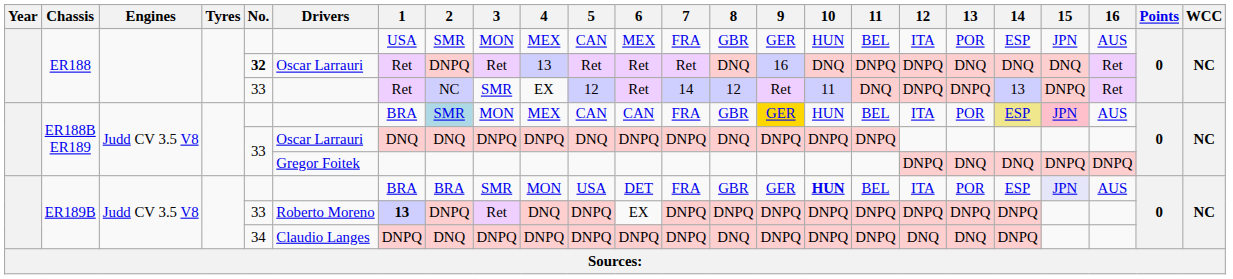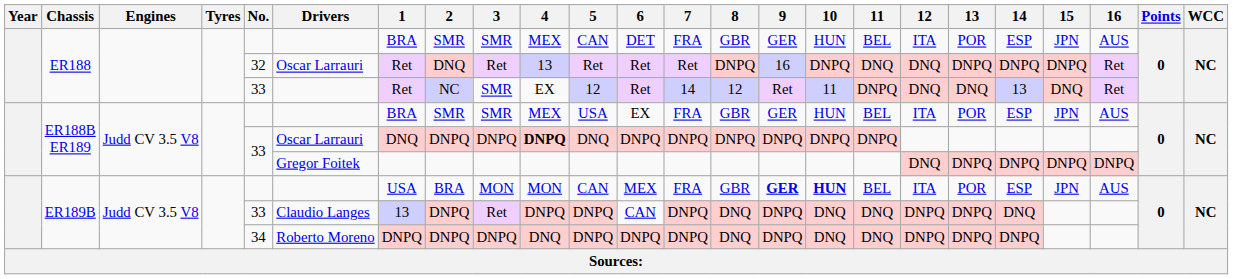 <table class="wikitable" style="text-align:center; font-size:85%">
 <tr>
 <th>Year</th>
 <th>Chassis</th>
 <th>Engines</th>
 <th>Tyres</th>
 <th>No.</th>
 <th>Drivers</th>
 <th>1</th>
 <th>2</th>
 <th>3</th>
 <th>4</th>
 <th>5</th>
 <th>6</th>
 <th>7</th>
 <th>8</th>
 <th>9</th>
 <th>10</th>
 <th>11</th>
 <th>12</th>
 <th>13</th>
 <th>14</th>
 <th>15</th>
 <th>16</th>
 <th><a href='#'>Points</a></th>
 <th>WCC</th>
 </tr>
 <tr>
 <th rowspan="3"></th>
 <td rowspan="3"><a href='#'>ER188</a></td>
 <td rowspan="3"></td>
 <td rowspan="3"></td>
 <td></td>
 <td></td>
-<td><a href='#'>USA</a></td>
+<td><a href='#'>BRA</a></td>
 <td><a href='#'>SMR</a></td>
-<td><a href='#'>MON</a></td>
+<td><a href='#'>SMR</a></td>
 <td><a href='#'>MEX</a></td>
 <td><a href='#'>CAN</a></td>
-<td><a href='#'>MEX</a></td>
+<td><a href='#'>DET</a></td>
 <td><a href='#'>FRA</a></td>
 <td><a href='#'>GBR</a></td>
 <td><a href='#'>GER</a></td>
 <td><a href='#'>HUN</a></td>
 <td><a href='#'>BEL</a></td>
 <td><a href='#'>ITA</a></td>
 <td><a href='#'>POR</a></td>
 <td><a href='#'>ESP</a></td>
 <td><a href='#'>JPN</a></td>
 <td><a href='#'>AUS</a></td>
 <th rowspan="3">0</th>
 <th rowspan="3">NC</th>
 </tr>
 <tr>
-<td><strong>32</strong></td>
+<td>32</td>
 <td align="left"> <a href='#'>Oscar Larrauri</a></td>
 <td style="background:#EFCFFF;">Ret</td>
-<td style="background:#FFCFCF;">DNPQ</td>
+<td style="background:#FFCFCF;">DNQ</td>
 <td style="background:#EFCFFF;">Ret</td>
 <td style="background:#CFCFFF;">13</td>
 <td style="background:#EFCFFF;">Ret</td>
 <td style="background:#EFCFFF;">Ret</td>
 <td style="background:#EFCFFF;">Ret</td>
+<td style="background:#FFCFCF;">DNPQ</td>
+<td style="background:#CFCFFF;">16</td>
+<td style="background:#FFCFCF;">DNPQ</td>
 <td style="background:#FFCFCF;">DNQ</td>
-<td style="background:#CFCFFF;">16</td>
 <td style="background:#FFCFCF;">DNQ</td>
 <td style="background:#FFCFCF;">DNPQ</td>
 <td style="background:#FFCFCF;">DNPQ</td>
-<td style="background:#FFCFCF;">DNQ</td>
-<td style="background:#FFCFCF;">DNQ</td>
-<td style="background:#FFCFCF;">DNQ</td>
+<td style="background:#FFCFCF;">DNPQ</td>
 <td style="background:#EFCFFF;">Ret</td>
 </tr>
 <tr>
 <td>33</td>
 <td align="left"></td>
 <td style="background:#EFCFFF;">Ret</td>
 <td style="background:#CFCFFF;">NC</td>
 <td><a href='#'>SMR</a></td>
 <td>EX</td>
 <td style="background:#CFCFFF;">12</td>
 <td style="background:#EFCFFF;">Ret</td>
 <td style="background:#CFCFFF;">14</td>
 <td style="background:#CFCFFF;">12</td>
 <td style="background:#EFCFFF;">Ret</td>
 <td style="background:#CFCFFF;">11</td>
+<td style="background:#FFCFCF;">DNPQ</td>
 <td style="background:#FFCFCF;">DNQ</td>
-<td style="background:#FFCFCF;">DNPQ</td>
-<td style="background:#FFCFCF;">DNPQ</td>
+<td style="background:#FFCFCF;">DNQ</td>
 <td style="background:#CFCFFF;">13</td>
-<td style="background:#FFCFCF;">DNPQ</td>
+<td style="background:#FFCFCF;">DNQ</td>
 <td style="background:#EFCFFF;">Ret</td>
 </tr>
 <tr>
 <th rowspan="3"></th>
 <td rowspan="3"><a href='#'>ER188B</a><br><a href='#'>ER189</a></td>
 <td rowspan="3"><a href='#'>Judd</a> CV 3.5 <a href='#'>V8</a></td>
 <td rowspan="3"></td>
 <td></td>
 <td></td>
 <td><a href='#'>BRA</a></td>
-<td style="background: lightblue;"><a href='#'>SMR</a></td>
-<td><a href='#'>MON</a></td>
+<td><a href='#'>SMR</a></td>
+<td><a href='#'>SMR</a></td>
 <td><a href='#'>MEX</a></td>
-<td><a href='#'>CAN</a></td>
-<td><a href='#'>CAN</a></td>
+<td><a href='#'>USA</a></td>
+<td>EX</td>
 <td><a href='#'>FRA</a></td>
 <td><a href='#'>GBR</a></td>
-<td style="background: gold;"><a href='#'>GER</a></td>
+<td><a href='#'>GER</a></td>
 <td><a href='#'>HUN</a></td>
 <td><a href='#'>BEL</a></td>
 <td><a href='#'>ITA</a></td>
 <td><a href='#'>POR</a></td>
-<td style="background: khaki;"><a href='#'>ESP</a></td>
-<td style="background: pink;"><a href='#'>JPN</a></td>
+<td><a href='#'>ESP</a></td>
+<td><a href='#'>JPN</a></td>
 <td><a href='#'>AUS</a></td>
 <th rowspan="3">0</th>
 <th rowspan="3">NC</th>
 </tr>
 <tr>
 <td rowspan="2">33</td>
 <td align="left"> <a href='#'>Oscar Larrauri</a></td>
 <td style="background:#FFCFCF;">DNQ</td>
+<td style="background:#FFCFCF;">DNPQ</td>
+<td style="background:#FFCFCF;">DNPQ</td>
+<td style="background:#FFCFCF;"><strong>DNPQ</strong></td>
 <td style="background:#FFCFCF;">DNQ</td>
 <td style="background:#FFCFCF;">DNPQ</td>
 <td style="background:#FFCFCF;">DNPQ</td>
-<td style="background:#FFCFCF;">DNQ</td>
 <td style="background:#FFCFCF;">DNPQ</td>
-<td style="background:#FFCFCF;">DNPQ</td>
-<td style="background:#FFCFCF;">DNQ</td>
 <td style="background:#FFCFCF;">DNPQ</td>
 <td style="background:#FFCFCF;">DNPQ</td>
 <td style="background:#FFCFCF;">DNPQ</td>
 <td></td>
 <td></td>
 <td></td>
 <td></td>
 <td></td>
 </tr>
 <tr>
 <td align="left"> <a href='#'>Gregor Foitek</a></td>
 <td></td>
 <td></td>
 <td></td>
 <td></td>
 <td></td>
 <td></td>
 <td></td>
 <td></td>
 <td></td>
 <td></td>
 <td></td>
+<td style="background:#FFCFCF;">DNQ</td>
 <td style="background:#FFCFCF;">DNPQ</td>
-<td style="background:#FFCFCF;">DNQ</td>
-<td style="background:#FFCFCF;">DNQ</td>
+<td style="background:#FFCFCF;">DNPQ</td>
 <td style="background:#FFCFCF;">DNPQ</td>
 <td style="background:#FFCFCF;">DNPQ</td>
 </tr>
 <tr>
 <th rowspan="3"></th>
 <td rowspan="3"><a href='#'>ER189B</a></td>
 <td rowspan="3"><a href='#'>Judd</a> CV 3.5 <a href='#'>V8</a></td>
 <td rowspan="3"></td>
 <td></td>
 <td></td>
+<td><a href='#'>USA</a></td>
 <td><a href='#'>BRA</a></td>
-<td><a href='#'>BRA</a></td>
-<td><a href='#'>SMR</a></td>
 <td><a href='#'>MON</a></td>
-<td><a href='#'>USA</a></td>
-<td><a href='#'>DET</a></td>
+<td><a href='#'>MON</a></td>
+<td><a href='#'>CAN</a></td>
+<td><a href='#'>MEX</a></td>
 <td><a href='#'>FRA</a></td>
 <td><a href='#'>GBR</a></td>
-<td><a href='#'>GER</a></td>
+<td><strong><a href='#'>GER</a></strong></td>
 <td><strong><a href='#'>HUN</a></strong></td>
 <td><a href='#'>BEL</a></td>
 <td><a href='#'>ITA</a></td>
 <td><a href='#'>POR</a></td>
 <td><a href='#'>ESP</a></td>
-<td style="background: lavender;"><a href='#'>JPN</a></td>
+<td><a href='#'>JPN</a></td>
 <td><a href='#'>AUS</a></td>
 <th rowspan="3">0</th>
 <th rowspan="3">NC</th>
 </tr>
 <tr>
 <td>33</td>
-<td align="left"> <a href='#'>Roberto Moreno</a></td>
-<td style="background:#CFCFFF;"><strong>13</strong></td>
+<td align="left"> <a href='#'>Claudio Langes</a></td>
+<td style="background:#CFCFFF;">13</td>
 <td style="background:#FFCFCF;">DNPQ</td>
 <td style="background:#EFCFFF;">Ret</td>
+<td style="background:#FFCFCF;">DNPQ</td>
+<td style="background:#FFCFCF;">DNPQ</td>
+<td><a href='#'>CAN</a></td>
+<td style="background:#FFCFCF;">DNPQ</td>
 <td style="background:#FFCFCF;">DNQ</td>
 <td style="background:#FFCFCF;">DNPQ</td>
-<td>EX</td>
+<td style="background:#FFCFCF;">DNQ</td>
+<td style="background:#FFCFCF;">DNQ</td>
 <td style="background:#FFCFCF;">DNPQ</td>
 <td style="background:#FFCFCF;">DNPQ</td>
-<td style="background:#FFCFCF;">DNPQ</td>
-<td style="background:#FFCFCF;">DNPQ</td>
-<td style="background:#FFCFCF;">DNPQ</td>
-<td style="background:#FFCFCF;">DNPQ</td>
-<td style="background:#FFCFCF;">DNPQ</td>
-<td style="background:#FFCFCF;">DNPQ</td>
+<td style="background:#FFCFCF;">DNQ</td>
 <td></td>
 <td></td>
 </tr>
 <tr>
 <td>34</td>
-<td align="left"> <a href='#'>Claudio Langes</a></td>
-<td style="background:#FFCFCF;">DNPQ</td>
-<td style="background:#FFCFCF;">DNQ</td>
-<td style="background:#FFCFCF;">DNPQ</td>
-<td style="background:#FFCFCF;">DNPQ</td>
+<td align="left"> <a href='#'>Roberto Moreno</a></td>
 <td style="background:#FFCFCF;">DNPQ</td>
 <td style="background:#FFCFCF;">DNPQ</td>
 <td style="background:#FFCFCF;">DNPQ</td>
 <td style="background:#FFCFCF;">DNQ</td>
 <td style="background:#FFCFCF;">DNPQ</td>
 <td style="background:#FFCFCF;">DNPQ</td>
 <td style="background:#FFCFCF;">DNPQ</td>
 <td style="background:#FFCFCF;">DNQ</td>
+<td style="background:#FFCFCF;">DNPQ</td>
 <td style="background:#FFCFCF;">DNQ</td>
+<td style="background:#FFCFCF;">DNQ</td>
+<td style="background:#FFCFCF;">DNPQ</td>
+<td style="background:#FFCFCF;">DNPQ</td>
 <td style="background:#FFCFCF;">DNPQ</td>
 <td></td>
 <td></td>
 </tr>
 <tr>
 <th colspan="24">Sources:</th>
 </tr>
 </table>
